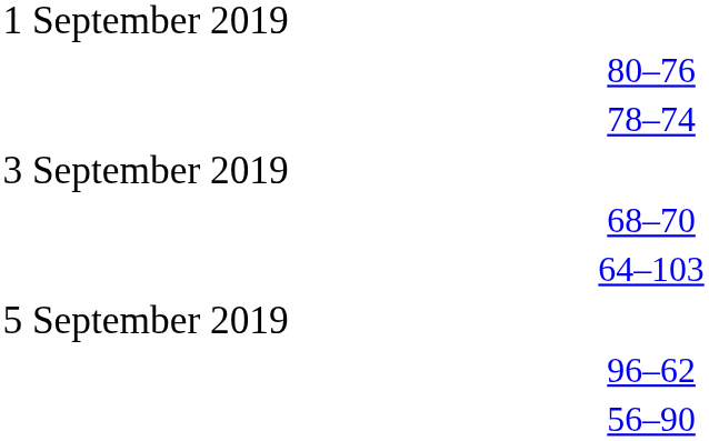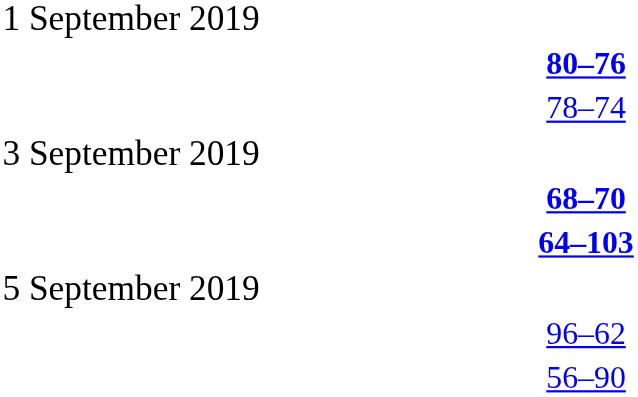 <table style="width:100%;" cellspacing="1">
 <tr>
 <th width=25%></th>
 <th width=2%></th>
 <th width=6%></th>
 <th width=2%></th>
 <th width=25%></th>
 </tr>
 <tr>
 <td>1 September 2019</td>
 </tr>
 <tr style=font-size:90%>
 <td align=right></td>
 <td></td>
-<td align=center><a href='#'>80–76</a></td>
+<td align=center><strong><a href='#'>80–76</a></strong></td>
 <td></td>
 <td></td>
 <td></td>
 </tr>
 <tr style=font-size:90%>
 <td align=right></td>
 <td></td>
 <td align=center><a href='#'>78–74</a></td>
 <td></td>
 <td></td>
 <td></td>
 </tr>
 <tr>
 <td>3 September 2019</td>
 </tr>
 <tr style=font-size:90%>
 <td align=right></td>
 <td></td>
-<td align=center><a href='#'>68–70</a></td>
+<td align=center><strong><a href='#'>68–70</a></strong></td>
 <td></td>
 <td></td>
 <td></td>
 </tr>
 <tr style=font-size:90%>
 <td align=right></td>
 <td></td>
-<td align=center><a href='#'>64–103</a></td>
+<td align=center><strong><a href='#'>64–103</a></strong></td>
 <td></td>
 <td></td>
 <td></td>
 </tr>
 <tr>
 <td>5 September 2019</td>
 </tr>
 <tr style=font-size:90%>
 <td align=right></td>
 <td></td>
 <td align=center><a href='#'>96–62</a></td>
 <td></td>
 <td></td>
 <td></td>
 </tr>
 <tr style=font-size:90%>
 <td align=right></td>
 <td></td>
 <td align=center><a href='#'>56–90</a></td>
 <td></td>
 <td></td>
 <td></td>
 </tr>
 </table>
